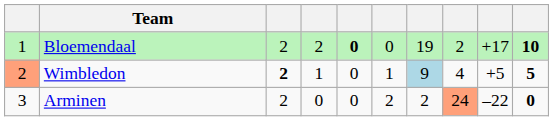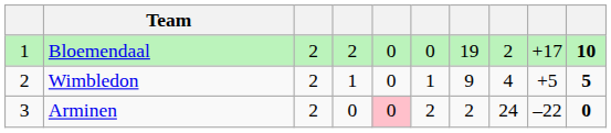 <table class=wikitable style="text-align:center">
 <tr align=center>
 <th width=25></th>
 <th width=200>Team</th>
 <th width=25></th>
 <th width=25></th>
 <th width=25></th>
 <th width=25></th>
 <th width=25></th>
 <th width=25></th>
 <th width=25></th>
 <th width=25></th>
 </tr>
 <tr bgcolor=bbf3bb>
 <td>1</td>
 <td align=left> <a href='#'>Bloemendaal</a></td>
 <td>2</td>
 <td>2</td>
-<td><strong>0</strong></td>
+<td>0</td>
 <td>0</td>
 <td>19</td>
 <td>2</td>
 <td>+17</td>
 <td><strong>10</strong></td>
 </tr>
 <tr>
-<td style="background: lightsalmon;">2</td>
+<td>2</td>
 <td align=left> <a href='#'>Wimbledon</a></td>
-<td><strong>2</strong></td>
+<td>2</td>
 <td>1</td>
 <td>0</td>
 <td>1</td>
-<td style="background: lightblue;">9</td>
+<td>9</td>
 <td>4</td>
 <td>+5</td>
 <td><strong>5</strong></td>
 </tr>
 <tr>
 <td>3</td>
 <td align=left> <a href='#'>Arminen</a></td>
 <td>2</td>
 <td>0</td>
-<td>0</td>
+<td style="background: pink;">0</td>
 <td>2</td>
 <td>2</td>
-<td style="background: lightsalmon;">24</td>
+<td>24</td>
 <td>–22</td>
 <td><strong>0</strong></td>
 </tr>
 </table>
